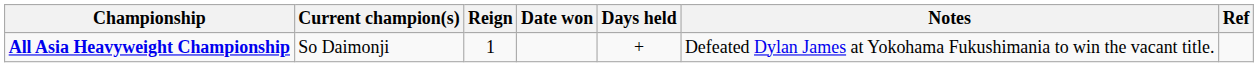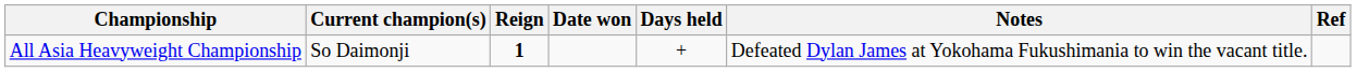 <table class="wikitable">
 <tr>
 <th>Championship</th>
 <th>Current champion(s)</th>
 <th>Reign</th>
 <th>Date won</th>
 <th>Days held</th>
 <th>Notes</th>
 <th>Ref</th>
 </tr>
 <tr>
-<td><strong><a href='#'>All Asia Heavyweight Championship</a></strong></td>
+<td><a href='#'>All Asia Heavyweight Championship</a></td>
 <td>So Daimonji</td>
-<td align=center>1</td>
+<td align=center><strong>1</strong></td>
 <td align=center></td>
 <td align=center>+</td>
 <td>Defeated <a href='#'>Dylan James</a> at Yokohama Fukushimania to win the vacant title.</td>
 <td></td>
 </tr>
 </table>
